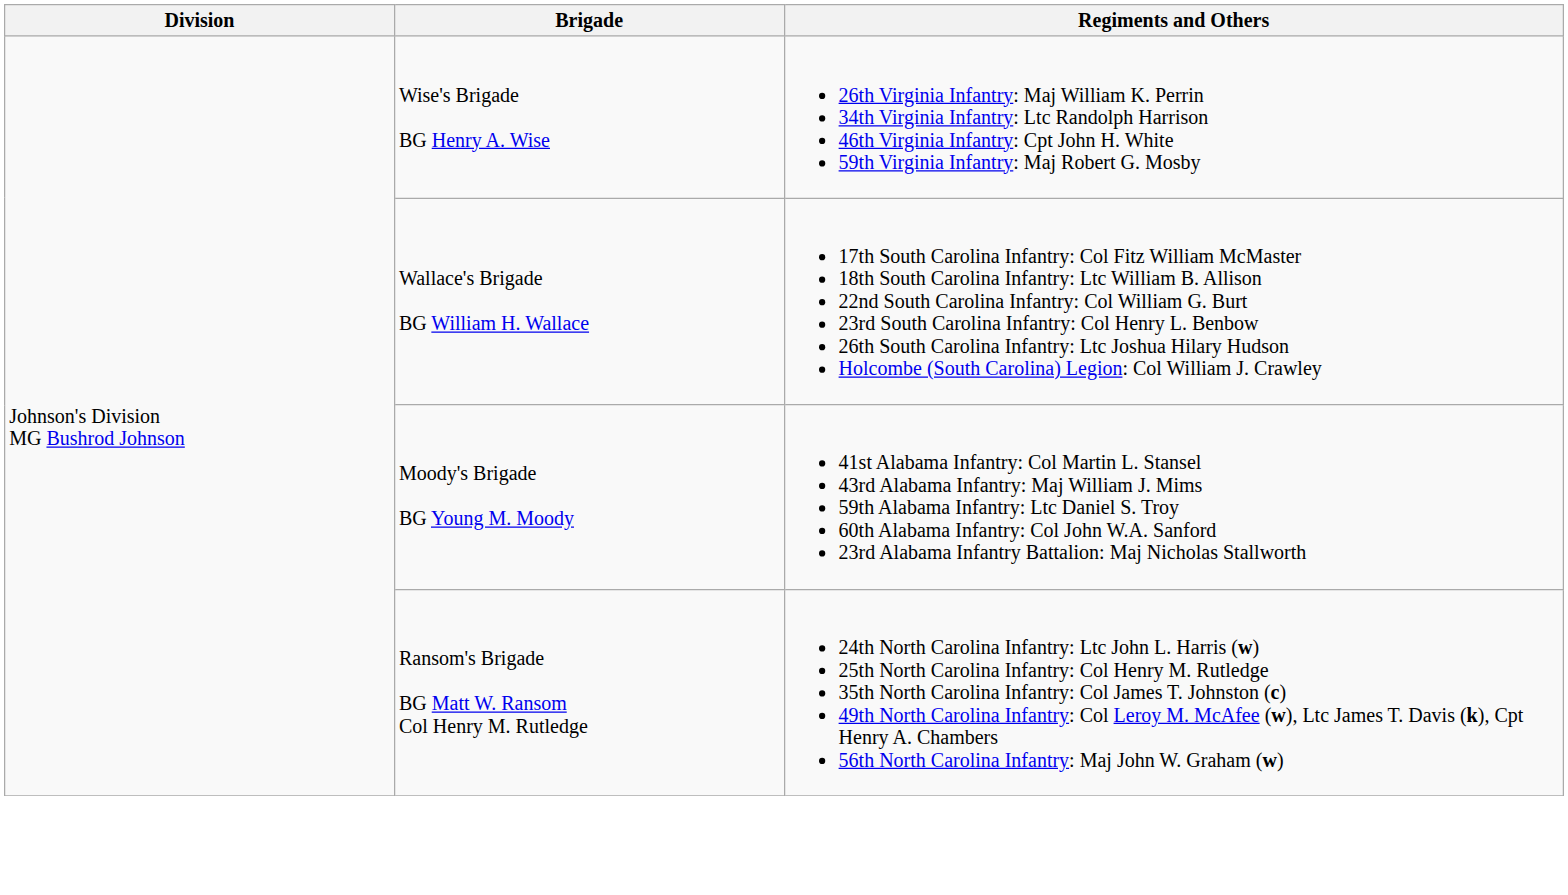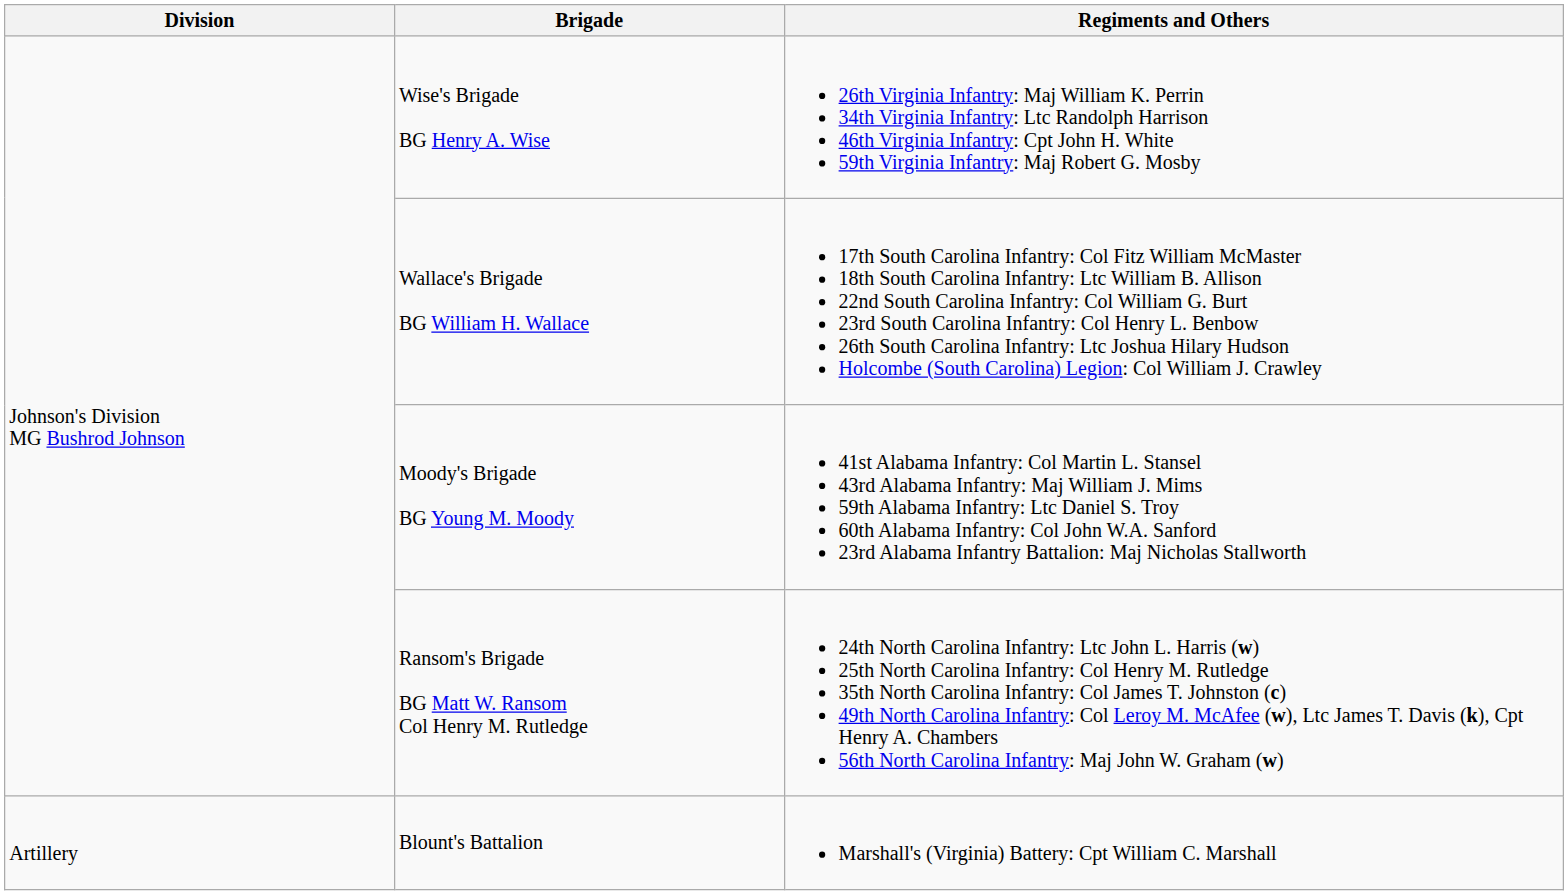 <table class="wikitable">
 <tr>
 <th width=25%>Division</th>
 <th width=25%>Brigade</th>
 <th>Regiments and Others</th>
 </tr>
 <tr>
 <td rowspan=4><br>Johnson's Division <br> MG <a href='#'>Bushrod Johnson</a></td>
 <td>Wise's Brigade<br><br> BG <a href='#'>Henry A. Wise</a></td>
 <td><br><ul><li><a href='#'>26th Virginia Infantry</a>: Maj William K. Perrin</li><li><a href='#'>34th Virginia Infantry</a>: Ltc Randolph Harrison</li><li><a href='#'>46th Virginia Infantry</a>: Cpt John H. White</li><li><a href='#'>59th Virginia Infantry</a>: Maj Robert G. Mosby</li></ul></td>
 </tr>
 <tr>
 <td>Wallace's Brigade<br><br> BG <a href='#'>William H. Wallace</a></td>
 <td><br><ul><li>17th South Carolina Infantry: Col Fitz William McMaster</li><li>18th South Carolina Infantry: Ltc William B. Allison</li><li>22nd South Carolina Infantry: Col William G. Burt</li><li>23rd South Carolina Infantry: Col Henry L. Benbow</li><li>26th South Carolina Infantry: Ltc Joshua Hilary Hudson</li><li><a href='#'>Holcombe (South Carolina) Legion</a>: Col William J. Crawley</li></ul></td>
 </tr>
 <tr>
 <td>Moody's Brigade<br><br> BG <a href='#'>Young M. Moody</a></td>
 <td><br><ul><li>41st Alabama Infantry: Col Martin L. Stansel</li><li>43rd Alabama Infantry: Maj William J. Mims</li><li>59th Alabama Infantry: Ltc Daniel S. Troy</li><li>60th Alabama Infantry: Col John W.A. Sanford</li><li>23rd Alabama Infantry Battalion: Maj Nicholas Stallworth</li></ul></td>
 </tr>
 <tr>
 <td>Ransom's Brigade<br><br> BG <a href='#'>Matt W. Ransom</a> <br> Col Henry M. Rutledge</td>
 <td><br><ul><li>24th North Carolina Infantry: Ltc John L. Harris (<strong>w</strong>)</li><li>25th North Carolina Infantry: Col Henry M. Rutledge</li><li>35th North Carolina Infantry: Col James T. Johnston (<strong>c</strong>)</li><li><a href='#'>49th North Carolina Infantry</a>: Col <a href='#'>Leroy M. McAfee</a> (<strong>w</strong>), Ltc James T. Davis (<strong>k</strong>), Cpt Henry A. Chambers</li><li><a href='#'>56th North Carolina Infantry</a>: Maj John W. Graham (<strong>w</strong>)</li></ul></td>
 </tr>
+<tr>
+<td rowspan=1><br>Artillery</td>
+<td>Blount's Battalion</td>
+<td><br><ul><li>Marshall's (Virginia) Battery: Cpt William C. Marshall</li></ul></td>
+</tr>
 </table>
